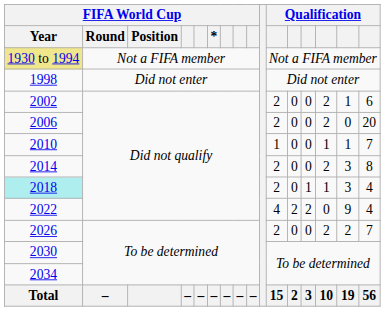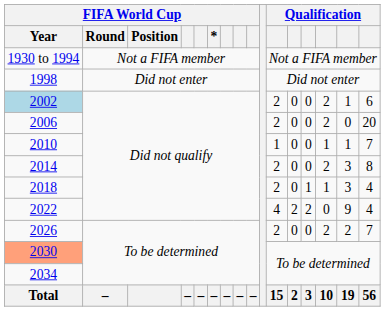 <table class="wikitable" style="text-align: center;">
 <tr>
 <th colspan=9><a href='#'>FIFA World Cup</a></th>
 <th rowspan=28></th>
 <th colspan=6><a href='#'>Qualification</a></th>
 </tr>
 <tr>
 <th>Year</th>
 <th>Round</th>
 <th>Position</th>
 <th></th>
 <th></th>
 <th>*</th>
 <th></th>
 <th></th>
 <th></th>
 <th></th>
 <th></th>
 <th></th>
 <th></th>
 <th></th>
 <th></th>
 </tr>
 <tr>
-<td style="background: khaki;"><a href='#'>1930</a> to <a href='#'>1994</a></td>
+<td><a href='#'>1930</a> to <a href='#'>1994</a></td>
 <td colspan=8><em>Not a FIFA member</em></td>
 <td colspan=6><em>Not a FIFA member</em></td>
 </tr>
 <tr>
 <td> <a href='#'>1998</a></td>
 <td colspan=8><em>Did not enter</em></td>
 <td colspan=6><em>Did not enter</em></td>
 </tr>
 <tr>
-<td>  <a href='#'>2002</a></td>
+<td style="background: lightblue;">  <a href='#'>2002</a></td>
 <td colspan=8 rowspan=6><em>Did not qualify</em></td>
 <td>2</td>
 <td>0</td>
 <td>0</td>
 <td>2</td>
 <td>1</td>
 <td>6</td>
 </tr>
 <tr>
 <td> <a href='#'>2006</a></td>
 <td>2</td>
 <td>0</td>
 <td>0</td>
 <td>2</td>
 <td>0</td>
 <td>20</td>
 </tr>
 <tr>
 <td> <a href='#'>2010</a></td>
 <td>1</td>
 <td>0</td>
 <td>0</td>
 <td>1</td>
 <td>1</td>
 <td>7</td>
 </tr>
 <tr>
 <td> <a href='#'>2014</a></td>
 <td>2</td>
 <td>0</td>
 <td>0</td>
 <td>2</td>
 <td>3</td>
 <td>8</td>
 </tr>
 <tr>
-<td style="background: paleturquoise;"> <a href='#'>2018</a></td>
+<td> <a href='#'>2018</a></td>
 <td>2</td>
 <td>0</td>
 <td>1</td>
 <td>1</td>
 <td>3</td>
 <td>4</td>
 </tr>
 <tr>
 <td> <a href='#'>2022</a></td>
 <td>4</td>
 <td>2</td>
 <td>2</td>
 <td>0</td>
 <td>9</td>
 <td>4</td>
 </tr>
 <tr>
 <td>   <a href='#'>2026</a></td>
 <td colspan=8 rowspan=3><em>To be determined</em></td>
 <td>2</td>
 <td>0</td>
 <td>0</td>
 <td>2</td>
 <td>2</td>
 <td>7</td>
 </tr>
 <tr>
-<td>   <a href='#'>2030</a></td>
+<td style="background: lightsalmon;">   <a href='#'>2030</a></td>
 <td colspan=6 rowspan=2><em>To be determined</em></td>
 </tr>
 <tr>
 <td> <a href='#'>2034</a></td>
 </tr>
 <tr>
 <th>Total</th>
 <th>–</th>
 <th></th>
 <th>–</th>
 <th>–</th>
 <th>–</th>
 <th>–</th>
 <th>–</th>
 <th>–</th>
 <th>15</th>
 <th>2</th>
 <th>3</th>
 <th>10</th>
 <th>19</th>
 <th>56</th>
 </tr>
 </table>
